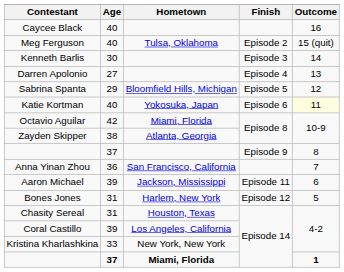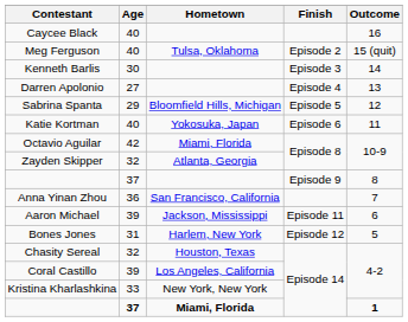 <table class="wikitable sortable" style="text-align:center;">
 <tr>
 </tr>
 <tr>
 <th>Contestant</th>
 <th>Age</th>
 <th>Hometown</th>
 <th>Finish</th>
 <th>Outcome</th>
 </tr>
 <tr>
 <td>Caycee Black</td>
 <td>40</td>
 <td></td>
 <td></td>
 <td>16</td>
 </tr>
 <tr>
 <td>Meg Ferguson</td>
 <td>40</td>
 <td><a href='#'>Tulsa, Oklahoma</a></td>
 <td>Episode 2</td>
 <td>15 (quit)</td>
 </tr>
 <tr>
 <td>Kenneth Barlis</td>
 <td>30</td>
 <td></td>
 <td>Episode 3</td>
 <td>14</td>
 </tr>
 <tr>
 <td>Darren Apolonio</td>
 <td>27</td>
 <td></td>
 <td>Episode 4</td>
 <td>13</td>
 </tr>
 <tr>
 <td>Sabrina Spanta</td>
 <td>29</td>
 <td><a href='#'>Bloomfield Hills, Michigan</a></td>
 <td>Episode 5</td>
 <td>12</td>
 </tr>
 <tr>
 <td>Katie Kortman</td>
 <td>40</td>
 <td><a href='#'>Yokosuka, Japan</a></td>
 <td>Episode 6</td>
-<td style="background: lightyellow;">11</td>
+<td>11</td>
 </tr>
 <tr>
 <td>Octavio Aguilar</td>
 <td>42</td>
 <td><a href='#'>Miami, Florida</a></td>
 <td rowspan="2">Episode 8</td>
 <td rowspan="2">10-9</td>
 </tr>
 <tr>
 <td>Zayden Skipper</td>
-<td>38</td>
+<td>32</td>
 <td><a href='#'>Atlanta, Georgia</a></td>
 </tr>
 <tr>
 <td></td>
 <td>37</td>
 <td></td>
 <td>Episode 9</td>
 <td>8</td>
 </tr>
 <tr>
 <td>Anna Yinan Zhou</td>
 <td>36</td>
 <td><a href='#'>San Francisco, California</a></td>
 <td></td>
 <td>7</td>
 </tr>
 <tr>
 <td>Aaron Michael</td>
 <td>39</td>
 <td><a href='#'>Jackson, Mississippi</a></td>
 <td>Episode 11</td>
 <td>6</td>
 </tr>
 <tr>
 <td>Bones	Jones</td>
 <td>31</td>
 <td><a href='#'>Harlem, New York</a></td>
 <td>Episode 12</td>
 <td>5</td>
 </tr>
 <tr>
 <td>Chasity Sereal</td>
-<td>31</td>
+<td>32</td>
 <td><a href='#'>Houston, Texas</a></td>
 <td rowspan="4">Episode 14</td>
 <td rowspan="3">4-2</td>
 </tr>
 <tr>
 <td>Coral Castillo</td>
 <td>39</td>
 <td><a href='#'>Los Angeles, California</a></td>
 </tr>
 <tr>
 <td>Kristina Kharlashkina</td>
 <td>33</td>
 <td>New York, New York</td>
 </tr>
 <tr>
 <td></td>
 <td><strong>37</strong></td>
 <td><strong>Miami, Florida</strong></td>
 <td><strong>1</strong></td>
 </tr>
 </table>
